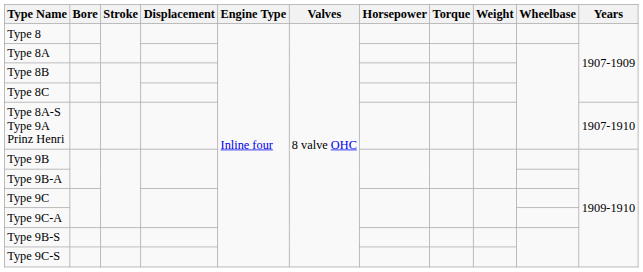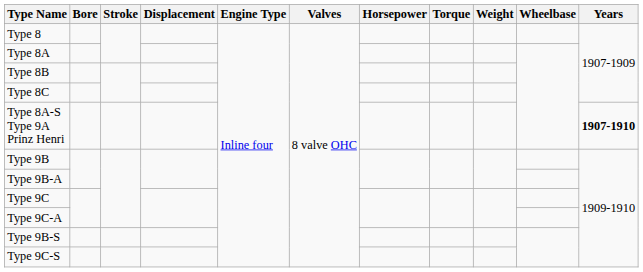 <table class="wikitable sortable">
 <tr>
 <th>Type Name</th>
 <th>Bore</th>
 <th>Stroke</th>
 <th>Displacement</th>
 <th>Engine Type</th>
 <th>Valves</th>
 <th>Horsepower</th>
 <th>Torque</th>
 <th>Weight</th>
 <th>Wheelbase</th>
 <th>Years</th>
 </tr>
 <tr>
 <td>Type 8<br></td>
 <td></td>
 <td rowspan="2"></td>
 <td></td>
 <td rowspan="11"><a href='#'>Inline four</a></td>
 <td rowspan="11">8 valve <a href='#'>OHC</a></td>
 <td></td>
 <td></td>
 <td></td>
 <td></td>
 <td rowspan="4">1907-1909</td>
 </tr>
 <tr>
 <td>Type 8A<br></td>
 <td></td>
 <td></td>
 <td></td>
 <td></td>
 <td></td>
 <td rowspan="4"></td>
 </tr>
 <tr>
 <td>Type 8B</td>
 <td></td>
 <td rowspan="2"></td>
 <td></td>
 <td></td>
 <td></td>
 <td></td>
 </tr>
 <tr>
 <td>Type 8C</td>
 <td></td>
 <td></td>
 <td></td>
 <td></td>
 <td></td>
 </tr>
 <tr>
 <td>Type 8A-S<br>Type 9A<br>Prinz Henri</td>
 <td></td>
 <td></td>
 <td></td>
 <td></td>
 <td></td>
 <td></td>
-<td>1907-1910</td>
+<td><strong>1907-1910</strong></td>
 </tr>
 <tr>
 <td>Type 9B</td>
 <td rowspan="2"></td>
 <td rowspan="4"></td>
 <td rowspan="2"></td>
 <td rowspan="2"></td>
 <td rowspan="2"></td>
 <td rowspan="2"></td>
 <td></td>
 <td rowspan="6">1909-1910</td>
 </tr>
 <tr>
 <td>Type 9B-A</td>
 <td></td>
 </tr>
 <tr>
 <td>Type 9C</td>
 <td rowspan="2"></td>
 <td rowspan="2"></td>
 <td rowspan="2"></td>
 <td rowspan="2"></td>
 <td rowspan="2"></td>
 <td></td>
 </tr>
 <tr>
 <td>Type 9C-A</td>
 <td></td>
 </tr>
 <tr>
 <td>Type 9B-S</td>
 <td></td>
 <td></td>
 <td></td>
 <td></td>
 <td></td>
 <td></td>
 <td rowspan="2"></td>
 </tr>
 <tr>
 <td>Type 9C-S</td>
 <td></td>
 <td></td>
 <td></td>
 <td></td>
 <td></td>
 <td></td>
 </tr>
 </table>
